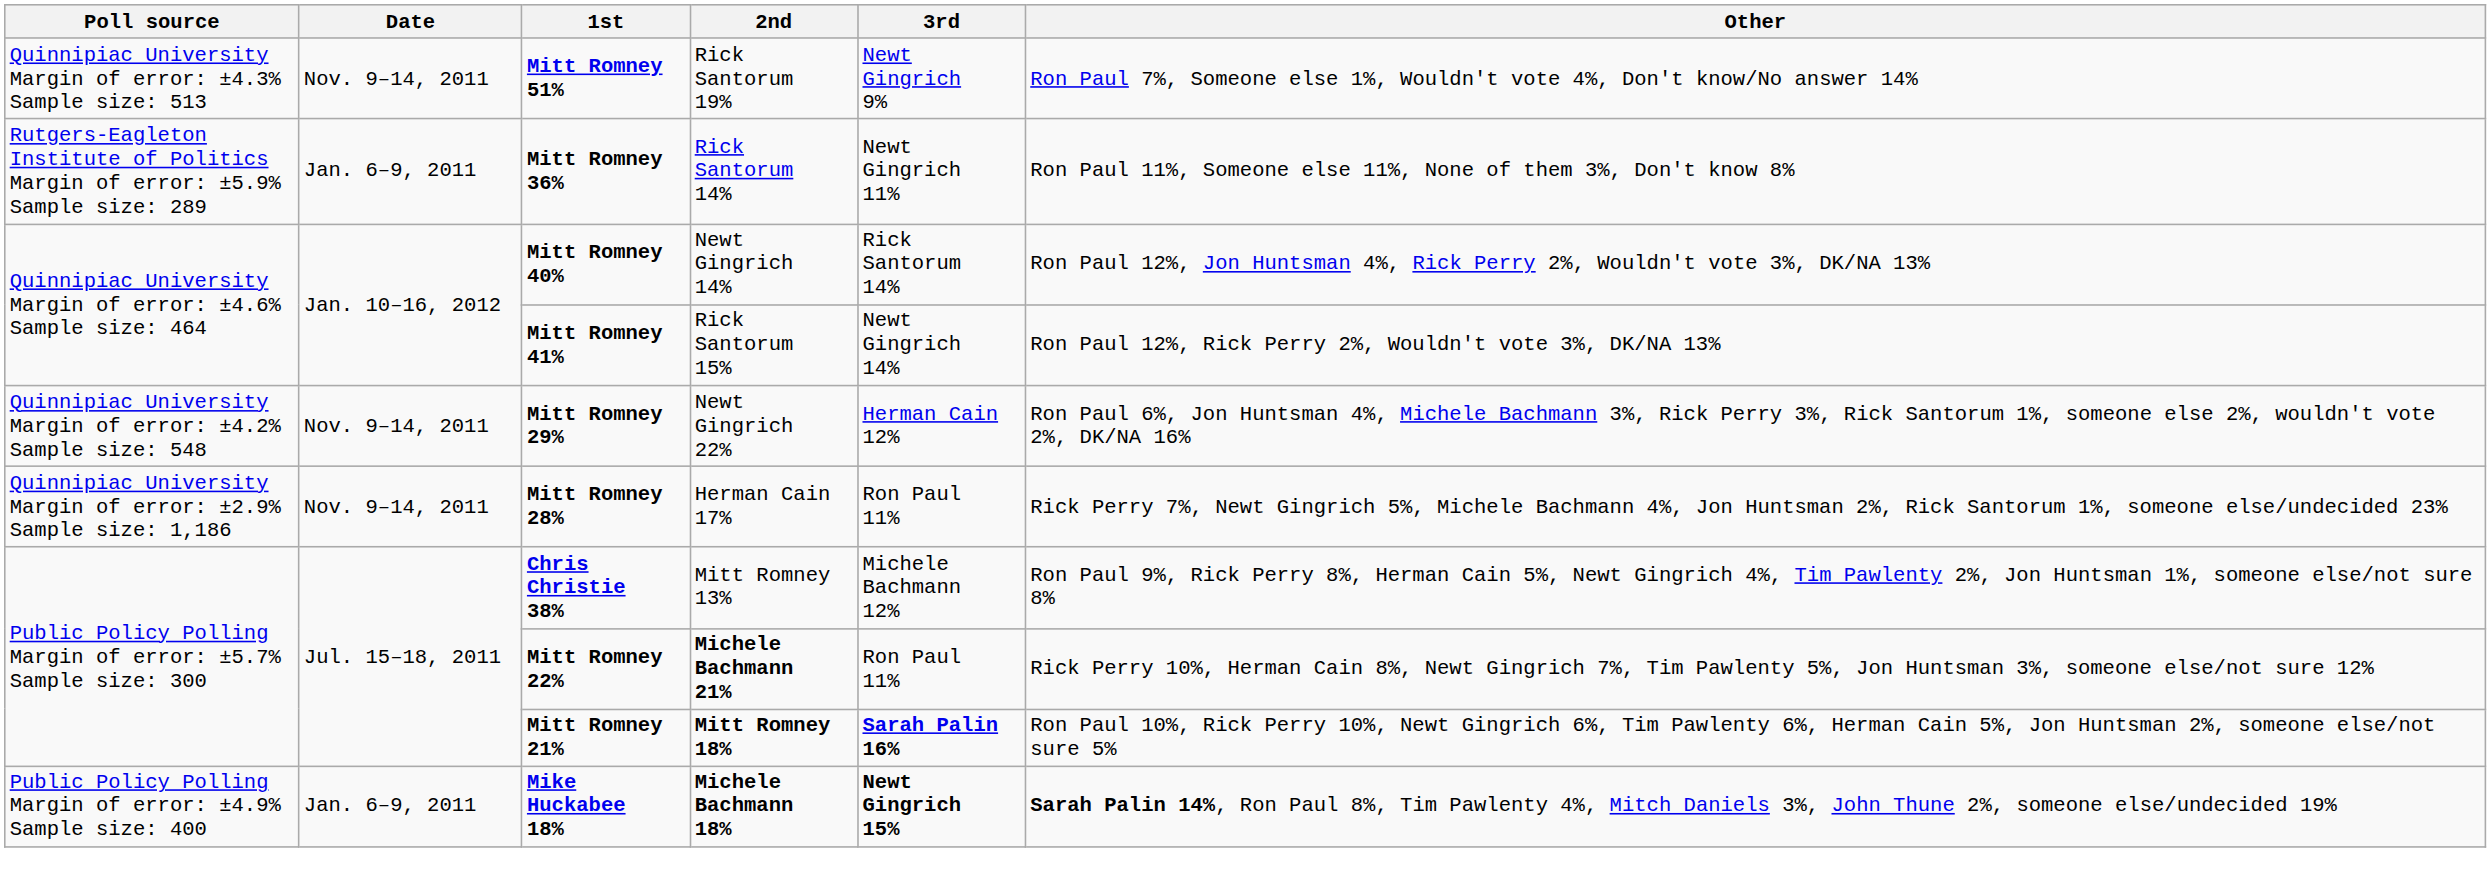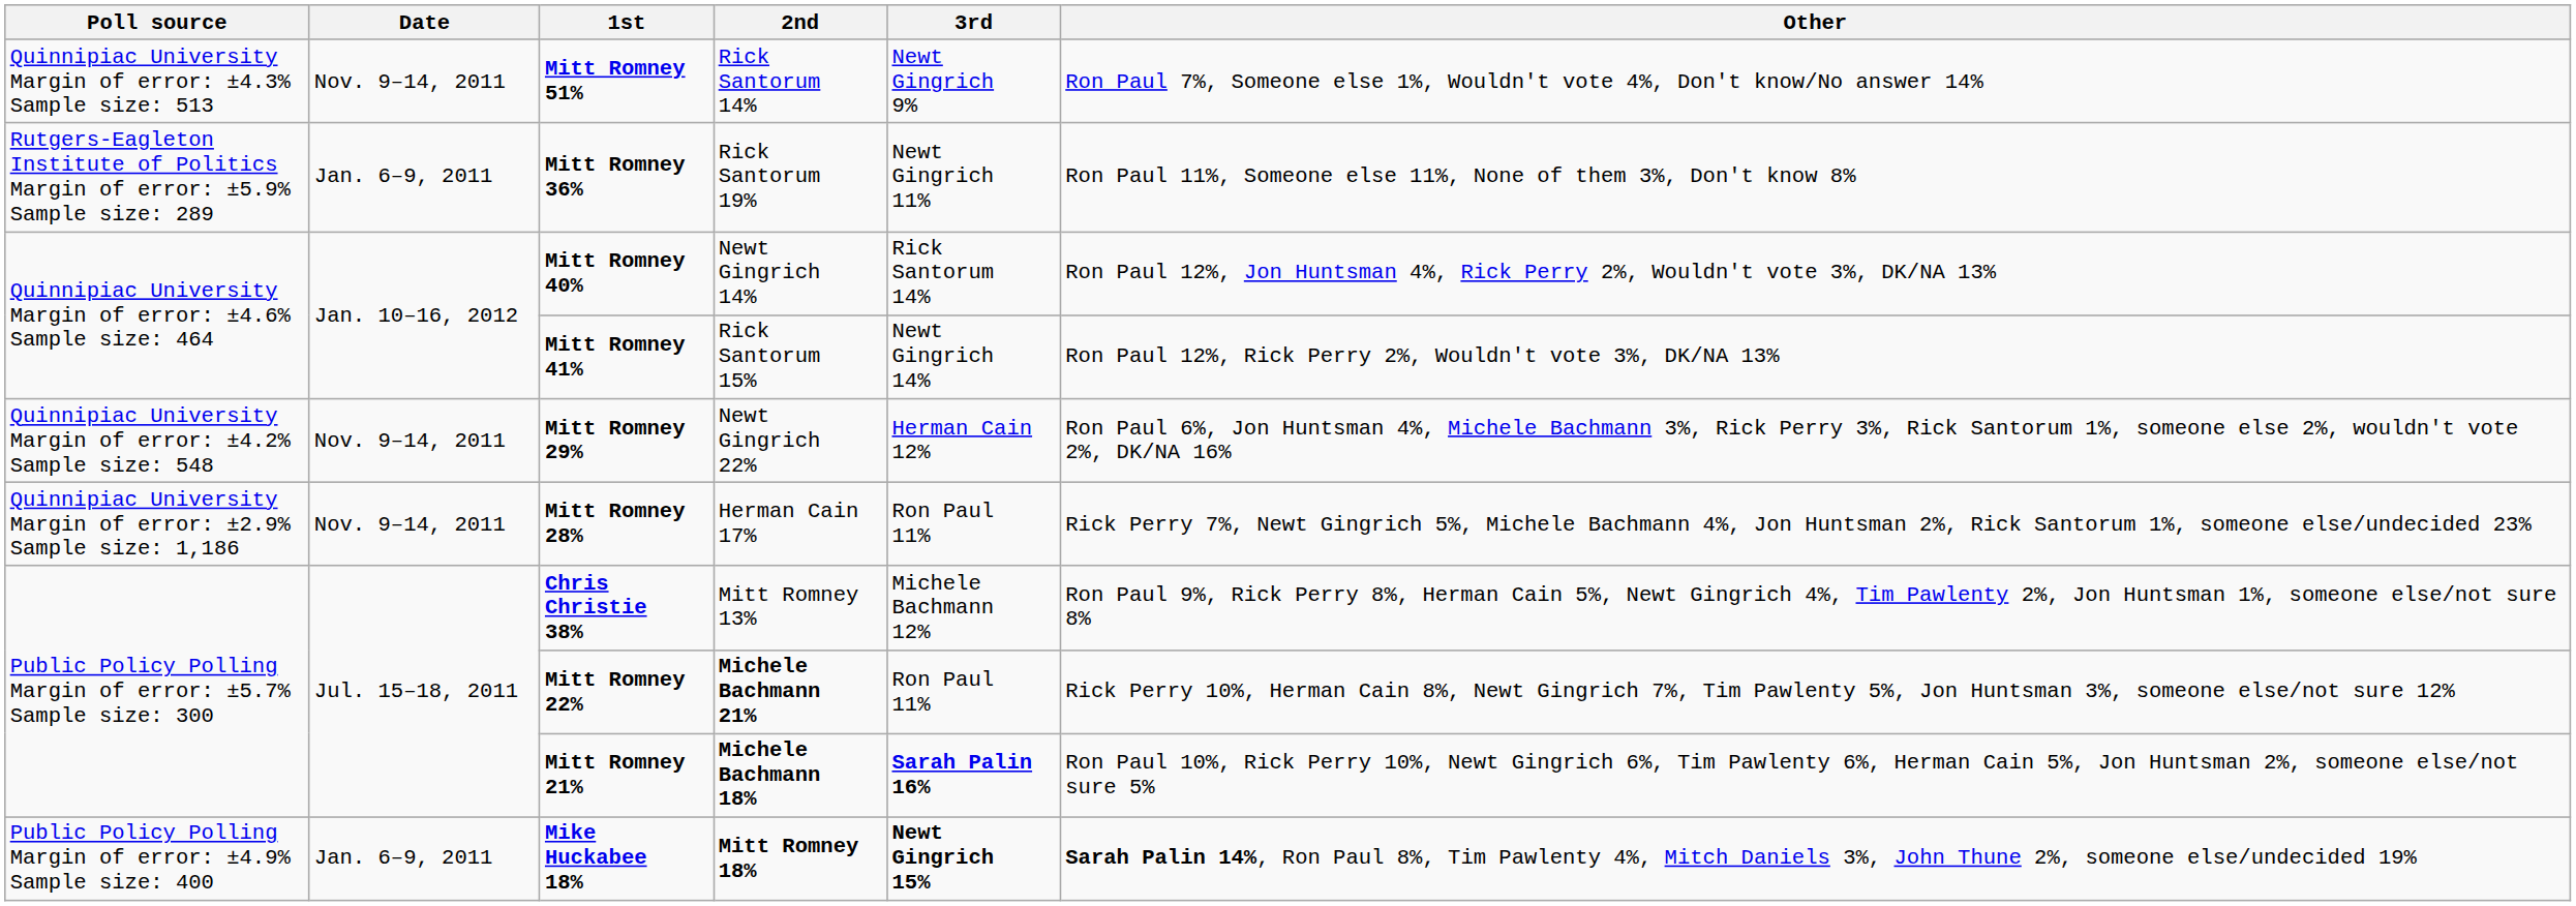 <table class="wikitable">
 <tr>
 <th style="width:180px;">Poll source</th>
 <th style="width:135px;">Date</th>
 <th style="width:100px;">1st</th>
 <th style="width:100px;">2nd</th>
 <th style="width:100px;">3rd</th>
 <th>Other</th>
 </tr>
 <tr>
 <td><a href='#'>Quinnipiac University</a><br>Margin of error: ±4.3% <br>Sample size: 513</td>
 <td>Nov. 9–14, 2011</td>
 <td><strong><a href='#'>Mitt Romney</a><br>51%</strong></td>
-<td>Rick Santorum<br>19%</td>
+<td><a href='#'>Rick Santorum</a><br>14%</td>
 <td><a href='#'>Newt Gingrich</a><br>9%</td>
 <td><a href='#'>Ron Paul</a> 7%, Someone else 1%, Wouldn't vote 4%, Don't know/No answer 14%</td>
 </tr>
 <tr>
 <td><a href='#'>Rutgers-Eagleton Institute of Politics</a><br>Margin of error: ±5.9% <br>Sample size: 289</td>
 <td>Jan. 6–9, 2011</td>
 <td><strong>Mitt Romney<br>36%</strong></td>
-<td><a href='#'>Rick Santorum</a><br>14%</td>
+<td>Rick Santorum<br>19%</td>
 <td>Newt Gingrich<br>11%</td>
 <td>Ron Paul 11%, Someone else 11%, None of them 3%, Don't know 8%</td>
 </tr>
 <tr>
 <td rowspan=2><a href='#'>Quinnipiac University</a><br>Margin of error: ±4.6% <br>Sample size: 464</td>
 <td rowspan=2>Jan. 10–16, 2012</td>
 <td><strong>Mitt Romney<br>40%</strong></td>
 <td>Newt Gingrich<br>14%</td>
 <td>Rick Santorum<br>14%</td>
 <td>Ron Paul 12%, <a href='#'>Jon Huntsman</a> 4%, <a href='#'>Rick Perry</a> 2%, Wouldn't vote 3%, DK/NA 13%</td>
 </tr>
 <tr>
 <td><strong>Mitt Romney<br>41%</strong></td>
 <td>Rick Santorum<br>15%</td>
 <td>Newt Gingrich<br>14%</td>
 <td>Ron Paul 12%, Rick Perry 2%, Wouldn't vote 3%, DK/NA 13%</td>
 </tr>
 <tr>
 <td><a href='#'>Quinnipiac University</a><br>Margin of error: ±4.2% <br>Sample size: 548</td>
 <td>Nov. 9–14, 2011</td>
 <td><strong>Mitt Romney<br>29%</strong></td>
 <td>Newt Gingrich<br>22%</td>
 <td><a href='#'>Herman Cain</a><br>12%</td>
 <td>Ron Paul 6%, Jon Huntsman 4%, <a href='#'>Michele Bachmann</a> 3%, Rick Perry 3%, Rick Santorum 1%, someone else 2%, wouldn't vote 2%, DK/NA 16%</td>
 </tr>
 <tr>
 <td><a href='#'>Quinnipiac University</a><br>Margin of error: ±2.9% <br>Sample size: 1,186</td>
 <td>Nov. 9–14, 2011</td>
 <td><strong>Mitt Romney<br>28%</strong></td>
 <td>Herman Cain<br>17%</td>
 <td>Ron Paul<br>11%</td>
 <td>Rick Perry 7%, Newt Gingrich 5%, Michele Bachmann 4%, Jon Huntsman 2%, Rick Santorum 1%, someone else/undecided 23%</td>
 </tr>
 <tr>
 <td rowspan=3><a href='#'>Public Policy Polling</a><br>Margin of error: ±5.7% <br>Sample size: 300</td>
 <td rowspan=3>Jul. 15–18, 2011</td>
 <td><strong><a href='#'>Chris Christie</a><br>38%</strong></td>
 <td>Mitt Romney<br>13%</td>
 <td>Michele Bachmann<br>12%</td>
 <td>Ron Paul 9%, Rick Perry 8%, Herman Cain 5%, Newt Gingrich 4%, <a href='#'>Tim Pawlenty</a> 2%, Jon Huntsman 1%, someone else/not sure 8%</td>
 </tr>
 <tr>
 <td><strong>Mitt Romney<br>22%</strong></td>
 <td><strong>Michele Bachmann<br>21%</strong></td>
 <td>Ron Paul<br>11%</td>
 <td>Rick Perry 10%, Herman Cain 8%, Newt Gingrich 7%, Tim Pawlenty 5%, Jon Huntsman 3%, someone else/not sure 12%</td>
 </tr>
 <tr>
 <td><strong>Mitt Romney<br>21%</strong></td>
-<td><strong>Mitt Romney<br>18%</strong></td>
+<td><strong>Michele Bachmann<br>18%</strong></td>
 <td><strong><a href='#'>Sarah Palin</a><br>16%</strong></td>
 <td>Ron Paul 10%, Rick Perry 10%, Newt Gingrich 6%, Tim Pawlenty 6%, Herman Cain 5%, Jon Huntsman 2%, someone else/not sure 5%</td>
 </tr>
 <tr>
 <td><a href='#'>Public Policy Polling</a><br>Margin of error: ±4.9% <br>Sample size: 400</td>
 <td>Jan. 6–9, 2011</td>
 <td><strong><a href='#'>Mike Huckabee</a><br>18%</strong></td>
-<td><strong>Michele Bachmann<br>18%</strong></td>
+<td><strong>Mitt Romney<br>18%</strong></td>
 <td><strong>Newt Gingrich<br>15%</strong></td>
 <td><span><strong>Sarah Palin 14%</strong></span>, Ron Paul 8%, Tim Pawlenty 4%, <a href='#'>Mitch Daniels</a> 3%, <a href='#'>John Thune</a> 2%, someone else/undecided 19%</td>
 </tr>
 </table>
